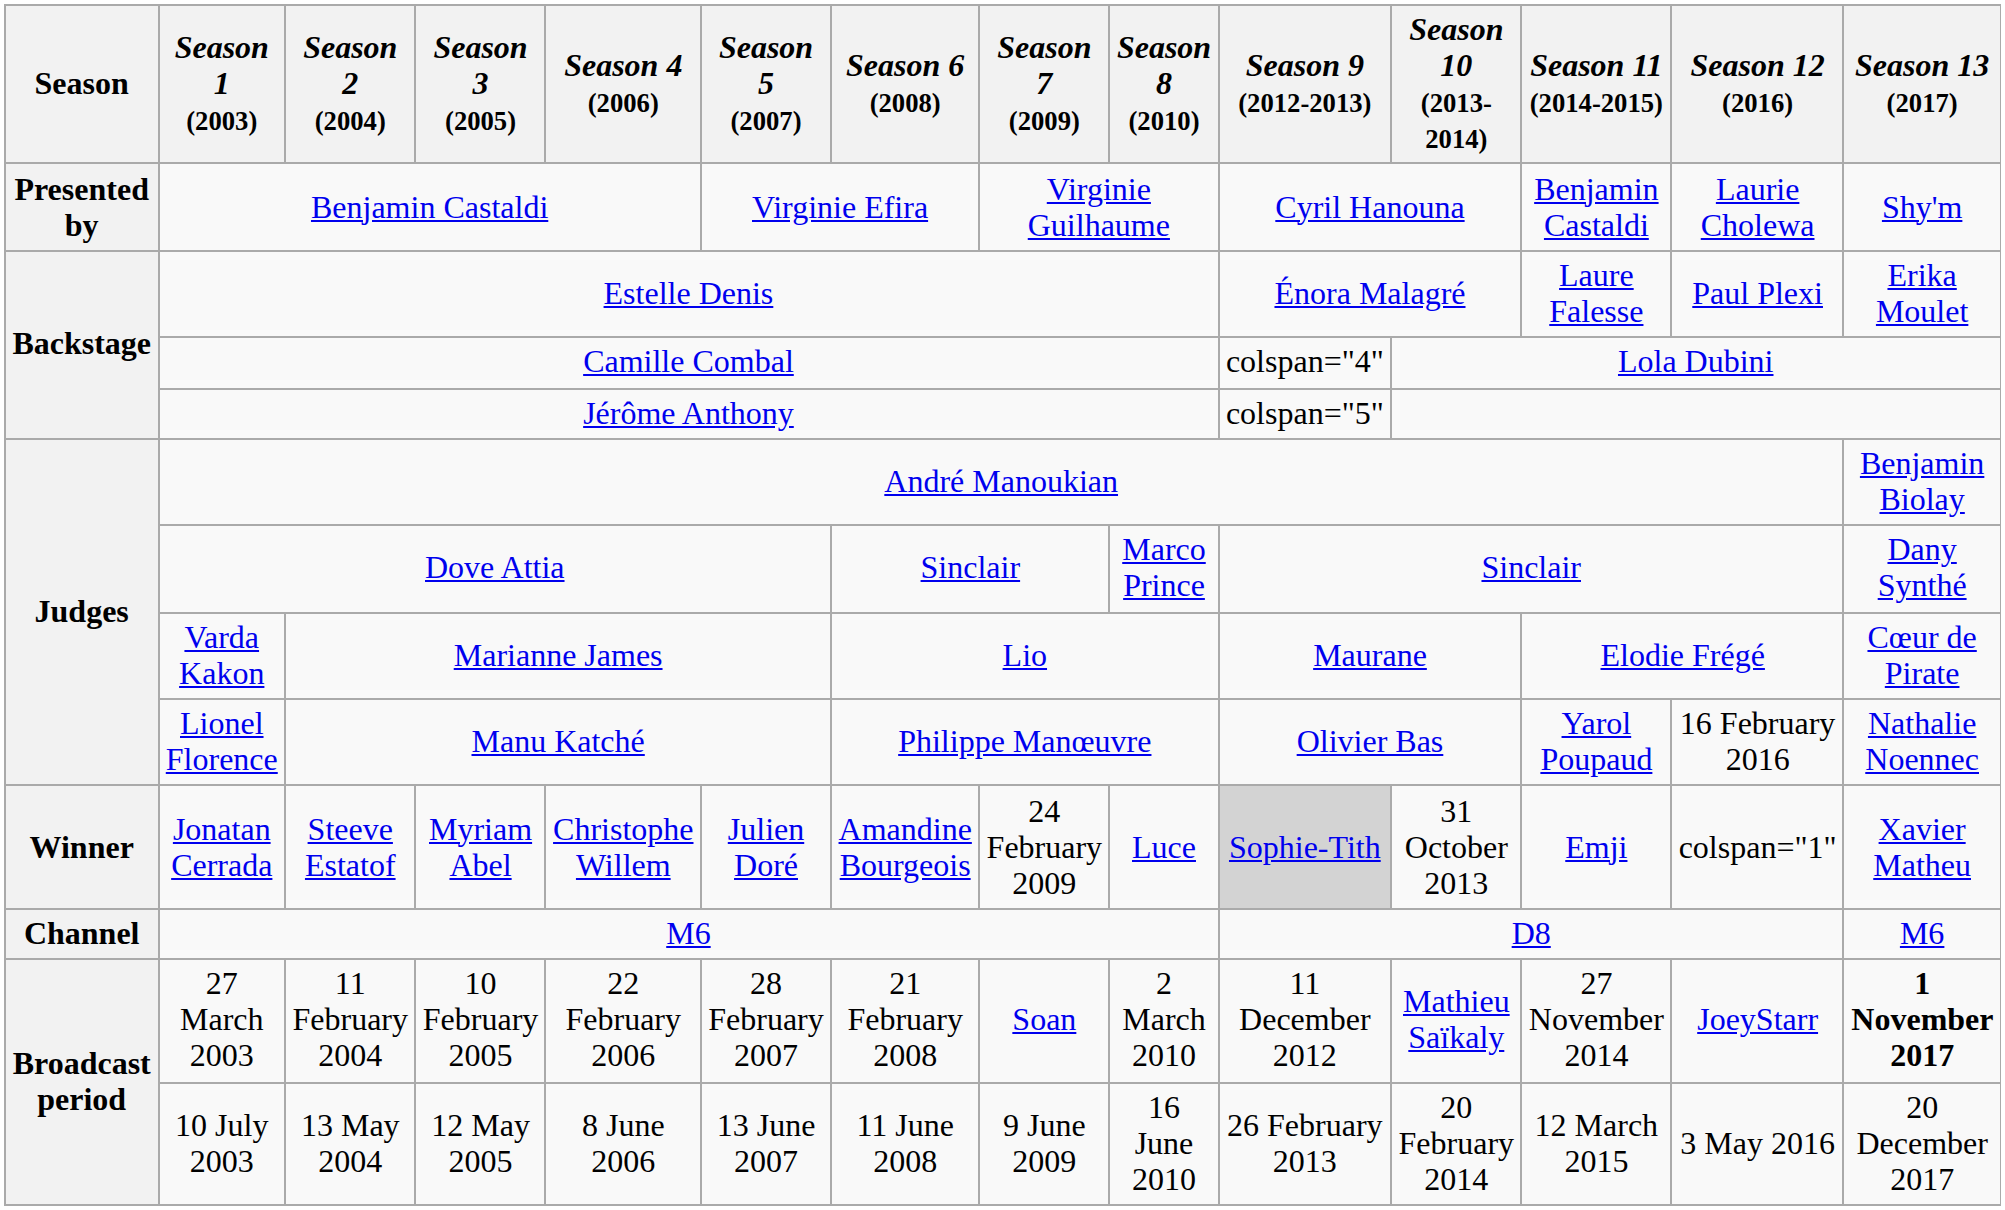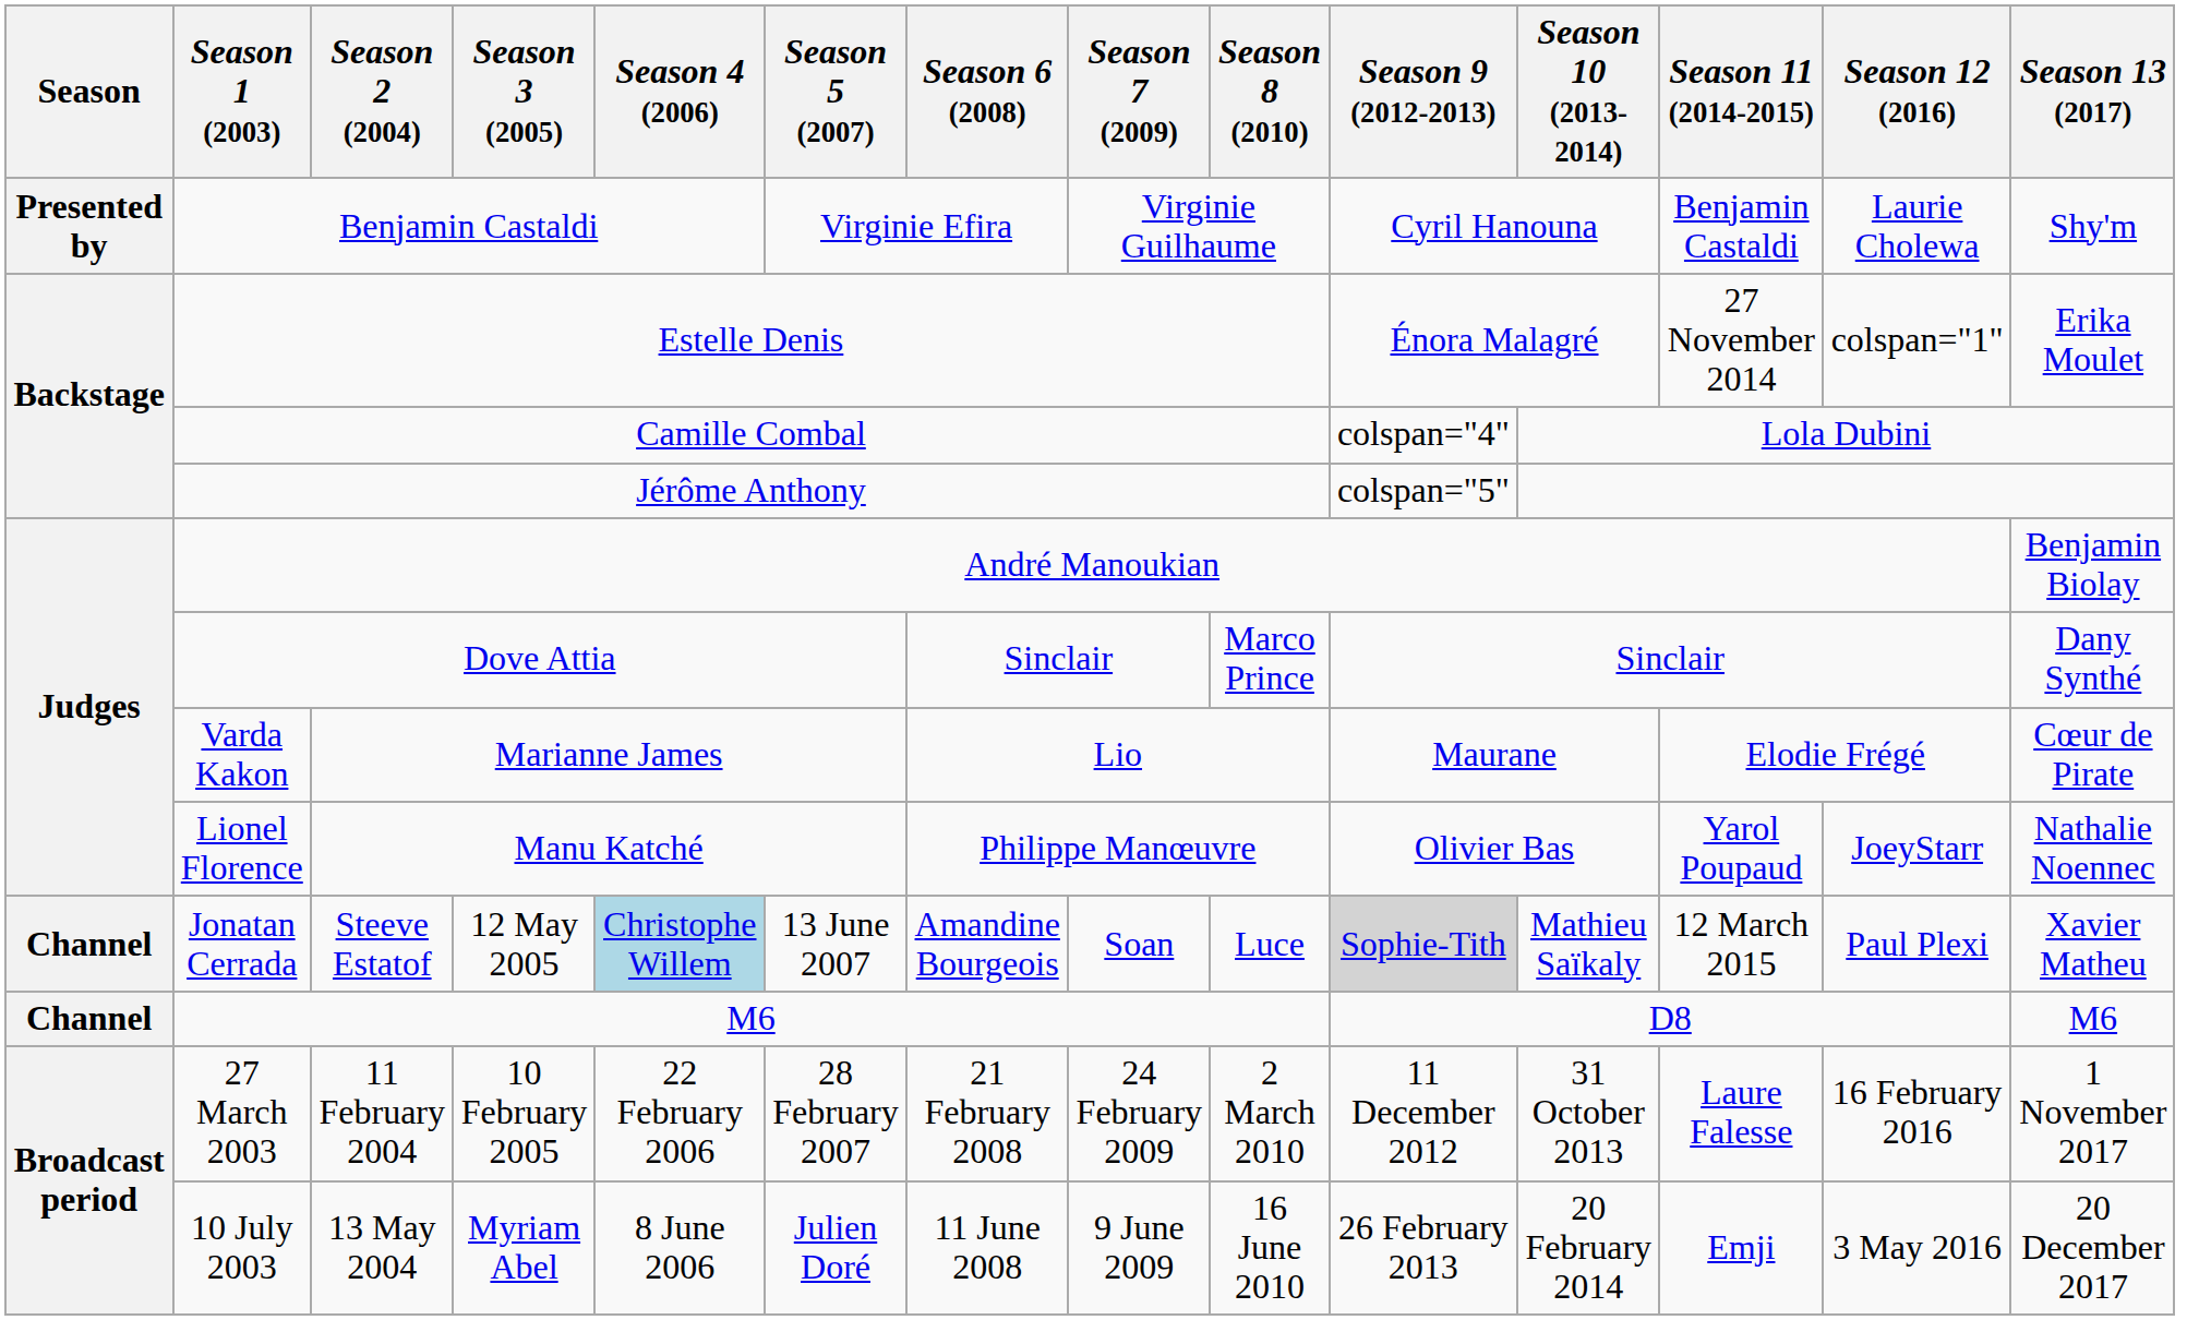 <table class="wikitable" style="text-align:center; width:100%">
 <tr>
 <th style="width:10%">Season</th>
 <th style="width:10%"><em>Season 1</em><br><small>(2003)</small></th>
 <th style="width:10%"><em>Season 2</em><br><small>(2004)</small></th>
 <th style="width:10%"><em>Season 3</em><br><small>(2005)</small></th>
 <th style="width:10%"><em>Season 4</em><br><small>(2006)</small></th>
 <th style="width:10%"><em>Season 5</em><br><small>(2007)</small></th>
 <th style="width:10%"><em>Season 6</em><br><small>(2008)</small></th>
 <th style="width:10%"><em>Season 7</em><br><small>(2009)</small></th>
 <th style="width:10%"><em>Season 8</em><br><small>(2010)</small></th>
 <th style="width:10%"><em>Season 9</em><br><small>(2012-2013)</small></th>
 <th style="width:10%"><em>Season 10</em><br><small>(2013-2014)</small></th>
 <th style="width:10%"><em>Season 11</em><br><small>(2014-2015)</small></th>
 <th style="width:10%"><em>Season 12</em><br><small>(2016)</small></th>
 <th style="width:10%"><em>Season 13</em><br><small>(2017)</small></th>
 </tr>
 <tr>
 <th>Presented by</th>
 <td colspan="4"><a href='#'>Benjamin Castaldi</a></td>
 <td colspan="2"><a href='#'>Virginie Efira</a></td>
 <td colspan="2"><a href='#'>Virginie Guilhaume</a></td>
 <td colspan="2"><a href='#'>Cyril Hanouna</a></td>
 <td colspan="1"><a href='#'>Benjamin Castaldi</a></td>
 <td colspan="1"><a href='#'>Laurie Cholewa</a></td>
 <td colspan="1"><a href='#'>Shy'm</a></td>
 </tr>
 <tr>
 <th rowspan="3">Backstage</th>
 <td colspan="8"><a href='#'>Estelle Denis</a></td>
 <td colspan="2"><a href='#'>Énora Malagré</a></td>
-<td colspan="1"><a href='#'>Laure Falesse</a></td>
-<td><a href='#'>Paul Plexi</a></td>
+<td>27 November 2014</td>
+<td>colspan="1" </td>
 <td colspan="1"><a href='#'>Erika Moulet</a></td>
 </tr>
 <tr>
 <td colspan="8"><a href='#'>Camille Combal</a></td>
 <td>colspan="4" </td>
 <td colspan="8"><a href='#'>Lola Dubini</a></td>
 </tr>
 <tr>
 <td colspan="8"><a href='#'>Jérôme Anthony</a></td>
 <td>colspan="5" </td>
 </tr>
 <tr>
 <th rowspan="4">Judges</th>
 <td colspan="12"><a href='#'>André Manoukian</a></td>
 <td colspan="1"><a href='#'>Benjamin Biolay</a></td>
 </tr>
 <tr>
 <td colspan="5"><a href='#'>Dove Attia</a></td>
 <td colspan="2"><a href='#'>Sinclair</a></td>
 <td colspan="1"><a href='#'>Marco Prince</a></td>
 <td colspan="4"><a href='#'>Sinclair</a></td>
 <td colspan="1"><a href='#'>Dany Synthé</a></td>
 </tr>
 <tr>
 <td colspan="1"><a href='#'>Varda Kakon</a></td>
 <td colspan="4"><a href='#'>Marianne James</a></td>
 <td colspan="3"><a href='#'>Lio</a></td>
 <td colspan="2"><a href='#'>Maurane</a></td>
 <td colspan="2"><a href='#'>Elodie Frégé</a></td>
 <td colspan="1"><a href='#'>Cœur de Pirate</a></td>
 </tr>
 <tr>
 <td colspan="1"><a href='#'>Lionel Florence</a></td>
 <td colspan="4"><a href='#'>Manu Katché</a></td>
 <td colspan="3"><a href='#'>Philippe Manœuvre</a></td>
 <td colspan="2"><a href='#'>Olivier Bas</a></td>
 <td colspan="1"><a href='#'>Yarol Poupaud</a></td>
-<td>16 February 2016</td>
+<td colspan="1"><a href='#'>JoeyStarr</a></td>
 <td colspan="1"><a href='#'>Nathalie Noennec</a></td>
 </tr>
 <tr>
-<th>Winner</th>
+<th>Channel</th>
 <td><a href='#'>Jonatan Cerrada</a></td>
 <td><a href='#'>Steeve Estatof</a></td>
-<td><a href='#'>Myriam Abel</a></td>
-<td><a href='#'>Christophe Willem</a></td>
-<td><a href='#'>Julien Doré</a></td>
+<td>12 May 2005</td>
+<td style="background: lightblue;"><a href='#'>Christophe Willem</a></td>
+<td>13 June 2007</td>
 <td><a href='#'>Amandine Bourgeois</a></td>
-<td>24 February 2009</td>
+<td><a href='#'>Soan</a></td>
 <td><a href='#'>Luce</a></td>
 <td style="background: lightgrey;"><a href='#'>Sophie-Tith</a></td>
-<td>31 October 2013</td>
-<td><a href='#'>Emji</a></td>
-<td>colspan="1" </td>
+<td><a href='#'>Mathieu Saïkaly</a></td>
+<td>12 March 2015</td>
+<td><a href='#'>Paul Plexi</a></td>
 <td><a href='#'>Xavier Matheu</a></td>
 </tr>
 <tr>
 <th>Channel</th>
 <td colspan="8"><a href='#'>M6</a></td>
 <td colspan="4"><a href='#'>D8</a></td>
 <td colspan="1"><a href='#'>M6</a></td>
 </tr>
 <tr>
 <th rowspan="2">Broadcast<br>period</th>
 <td>27 March 2003</td>
 <td>11 February 2004</td>
 <td>10 February 2005</td>
 <td>22 February 2006</td>
 <td>28 February 2007</td>
 <td>21 February 2008</td>
-<td><a href='#'>Soan</a></td>
+<td>24 February 2009</td>
 <td>2 March 2010</td>
 <td>11 December 2012</td>
-<td><a href='#'>Mathieu Saïkaly</a></td>
-<td>27 November 2014</td>
-<td colspan="1"><a href='#'>JoeyStarr</a></td>
-<td><strong>1 November 2017</strong></td>
+<td>31 October 2013</td>
+<td colspan="1"><a href='#'>Laure Falesse</a></td>
+<td>16 February 2016</td>
+<td>1 November 2017</td>
 </tr>
 <tr>
 <td>10 July 2003</td>
 <td>13 May 2004</td>
-<td>12 May 2005</td>
+<td><a href='#'>Myriam Abel</a></td>
 <td>8 June 2006</td>
-<td>13 June 2007</td>
+<td><a href='#'>Julien Doré</a></td>
 <td>11 June 2008</td>
 <td>9 June 2009</td>
 <td>16 June 2010</td>
 <td>26 February 2013</td>
 <td>20 February 2014</td>
-<td>12 March 2015</td>
+<td><a href='#'>Emji</a></td>
 <td>3 May 2016</td>
 <td>20 December 2017</td>
 </tr>
 <tr>
 </tr>
 </table>
